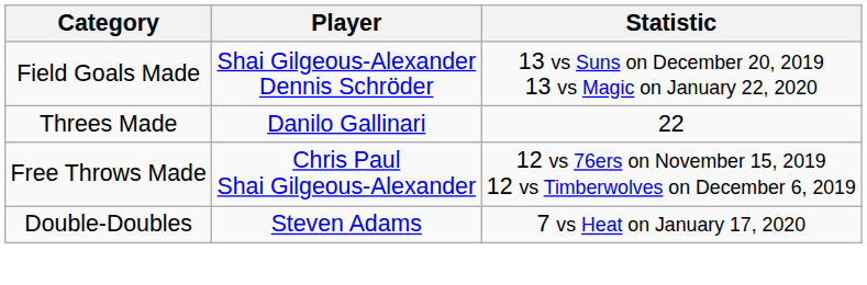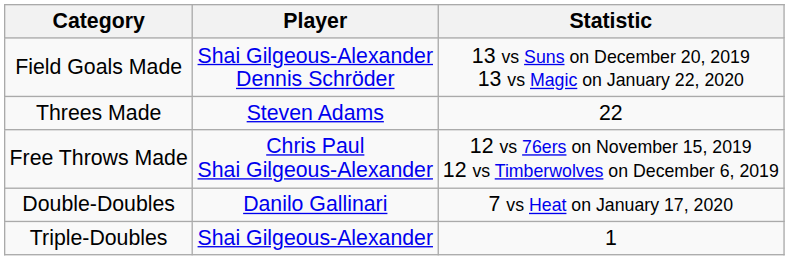 <table class="wikitable sortable sortable" style="text-align: center">
 <tr>
 <th>Category</th>
 <th>Player</th>
 <th>Statistic</th>
 </tr>
 <tr style="text-align: center">
 <td>Field Goals Made</td>
 <td><a href='#'>Shai Gilgeous-Alexander</a><br><a href='#'>Dennis Schröder</a></td>
 <td>13 <small>vs <a href='#'>Suns</a> on December 20, 2019</small><br>13 <small>vs <a href='#'>Magic</a> on January 22, 2020</small></td>
 </tr>
 <tr style="text-align: center">
 <td>Threes Made</td>
-<td><a href='#'>Danilo Gallinari</a></td>
+<td><a href='#'>Steven Adams</a></td>
 <td>22</td>
 </tr>
 <tr style="text-align: center">
 <td>Free Throws Made</td>
 <td><a href='#'>Chris Paul</a><br><a href='#'>Shai Gilgeous-Alexander</a></td>
 <td>12 <small>vs <a href='#'>76ers</a> on November 15, 2019</small><br>12 <small>vs <a href='#'>Timberwolves</a> on December 6, 2019</small></td>
 </tr>
 <tr style="text-align: center">
 <td>Double-Doubles</td>
-<td><a href='#'>Steven Adams</a></td>
+<td><a href='#'>Danilo Gallinari</a></td>
 <td>7 <small>vs <a href='#'>Heat</a> on January 17, 2020</small></td>
 </tr>
+<tr style="text-align: center">
+<td>Triple-Doubles</td>
+<td><a href='#'>Shai Gilgeous-Alexander</a></td>
+<td>1</td>
+</tr>
 </table>
